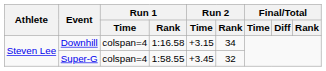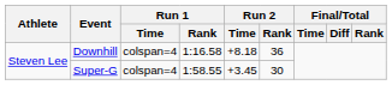 <table class="wikitable" style="font-size:90%">
 <tr>
 <th rowspan="2">Athlete</th>
 <th rowspan="2">Event</th>
 <th colspan="2">Run 1</th>
 <th colspan="2">Run 2</th>
 <th colspan="3">Final/Total</th>
 </tr>
 <tr>
 <th>Time</th>
 <th>Rank</th>
 <th>Time</th>
 <th>Rank</th>
 <th>Time</th>
 <th>Diff</th>
 <th>Rank</th>
 </tr>
 <tr align="center">
 <td align="left" rowspan=2><a href='#'>Steven Lee</a></td>
 <td align="left"><a href='#'>Downhill</a></td>
 <td>colspan=4 </td>
 <td>1:16.58</td>
-<td>+3.15</td>
-<td>34</td>
+<td>+8.18</td>
+<td>36</td>
 </tr>
 <tr align="center">
 <td align="left"><a href='#'>Super-G</a></td>
 <td>colspan=4 </td>
 <td>1:58.55</td>
 <td>+3.45</td>
-<td>32</td>
+<td>30</td>
 </tr>
 </table>
